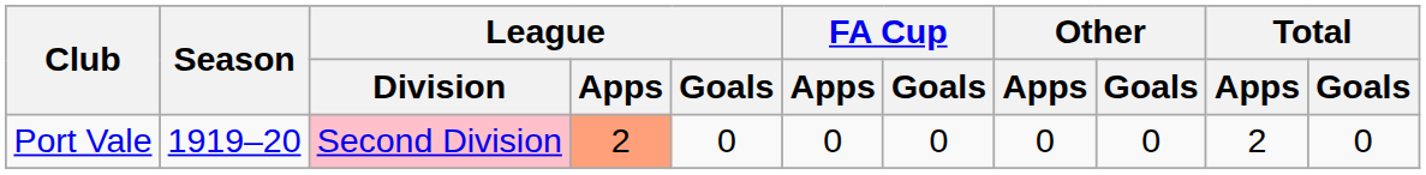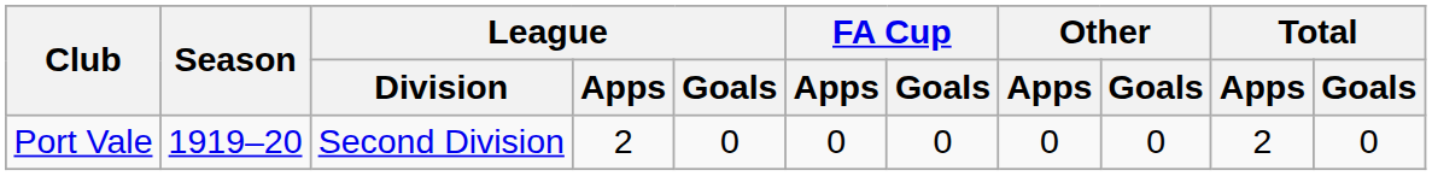 <table class="wikitable" style="text-align:center">
 <tr>
 <th rowspan="2">Club</th>
 <th rowspan="2">Season</th>
 <th colspan="3">League</th>
 <th colspan="2"><a href='#'>FA Cup</a></th>
 <th colspan="2">Other</th>
 <th colspan="2">Total</th>
 </tr>
 <tr>
 <th>Division</th>
 <th>Apps</th>
 <th>Goals</th>
 <th>Apps</th>
 <th>Goals</th>
 <th>Apps</th>
 <th>Goals</th>
 <th>Apps</th>
 <th>Goals</th>
 </tr>
 <tr>
 <td><a href='#'>Port Vale</a></td>
 <td><a href='#'>1919–20</a></td>
-<td style="background: pink;"><a href='#'>Second Division</a></td>
-<td style="background: lightsalmon;">2</td>
+<td><a href='#'>Second Division</a></td>
+<td>2</td>
 <td>0</td>
 <td>0</td>
 <td>0</td>
 <td>0</td>
 <td>0</td>
 <td>2</td>
 <td>0</td>
 </tr>
 </table>
